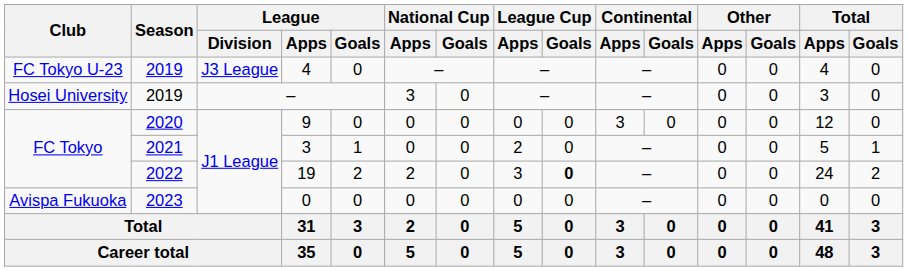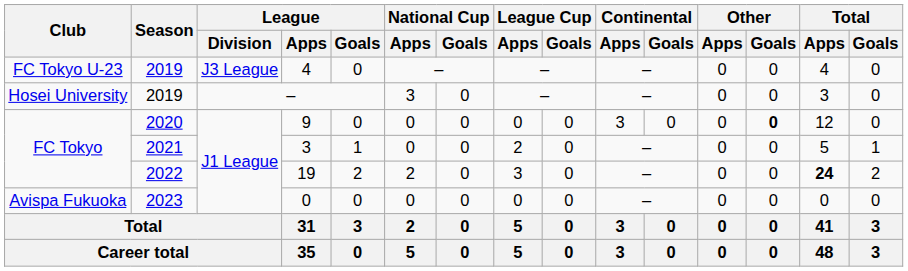 <table class="wikitable" style="text-align: center">
 <tr>
 <th rowspan="2">Club</th>
 <th rowspan="2">Season</th>
 <th colspan="3">League</th>
 <th colspan="2">National Cup</th>
 <th colspan="2">League Cup</th>
 <th colspan="2">Continental</th>
 <th colspan="2">Other</th>
 <th colspan="2">Total</th>
 </tr>
 <tr>
 <th>Division</th>
 <th>Apps</th>
 <th>Goals</th>
 <th>Apps</th>
 <th>Goals</th>
 <th>Apps</th>
 <th>Goals</th>
 <th>Apps</th>
 <th>Goals</th>
 <th>Apps</th>
 <th>Goals</th>
 <th>Apps</th>
 <th>Goals</th>
 </tr>
 <tr>
 <td><a href='#'>FC Tokyo U-23</a></td>
 <td><a href='#'>2019</a></td>
 <td><a href='#'>J3 League</a></td>
 <td>4</td>
 <td>0</td>
 <td colspan="2">–</td>
 <td colspan="2">–</td>
 <td colspan="2">–</td>
 <td>0</td>
 <td>0</td>
 <td>4</td>
 <td>0</td>
 </tr>
 <tr>
 <td><a href='#'>Hosei University</a></td>
 <td>2019</td>
 <td colspan="3">–</td>
 <td>3</td>
 <td>0</td>
 <td colspan="2">–</td>
 <td colspan="2">–</td>
 <td>0</td>
 <td>0</td>
 <td>3</td>
 <td>0</td>
 </tr>
 <tr>
 <td rowspan="3"><a href='#'>FC Tokyo</a></td>
 <td><a href='#'>2020</a></td>
 <td rowspan="4"><a href='#'>J1 League</a></td>
 <td>9</td>
 <td>0</td>
 <td>0</td>
 <td>0</td>
 <td>0</td>
 <td>0</td>
 <td>3</td>
 <td>0</td>
 <td>0</td>
-<td>0</td>
+<td><strong>0</strong></td>
 <td>12</td>
 <td>0</td>
 </tr>
 <tr>
 <td><a href='#'>2021</a></td>
 <td>3</td>
 <td>1</td>
 <td>0</td>
 <td>0</td>
 <td>2</td>
 <td>0</td>
 <td colspan="2">–</td>
 <td>0</td>
 <td>0</td>
 <td>5</td>
 <td>1</td>
 </tr>
 <tr>
 <td><a href='#'>2022</a></td>
 <td>19</td>
 <td>2</td>
 <td>2</td>
 <td>0</td>
 <td>3</td>
-<td><strong>0</strong></td>
+<td>0</td>
 <td colspan="2">–</td>
 <td>0</td>
 <td>0</td>
-<td>24</td>
+<td><strong>24</strong></td>
 <td>2</td>
 </tr>
 <tr>
 <td><a href='#'>Avispa Fukuoka</a></td>
 <td><a href='#'>2023</a></td>
 <td>0</td>
 <td>0</td>
 <td>0</td>
 <td>0</td>
 <td>0</td>
 <td>0</td>
 <td colspan="2">–</td>
 <td>0</td>
 <td>0</td>
 <td>0</td>
 <td>0</td>
 </tr>
 <tr>
 <th colspan="3">Total</th>
 <th>31</th>
 <th>3</th>
 <th>2</th>
 <th>0</th>
 <th>5</th>
 <th>0</th>
 <th>3</th>
 <th>0</th>
 <th>0</th>
 <th>0</th>
 <th>41</th>
 <th>3</th>
 </tr>
 <tr>
 <th colspan="3">Career total</th>
 <th>35</th>
 <th>0</th>
 <th>5</th>
 <th>0</th>
 <th>5</th>
 <th>0</th>
 <th>3</th>
 <th>0</th>
 <th>0</th>
 <th>0</th>
 <th>48</th>
 <th>3</th>
 </tr>
 </table>
